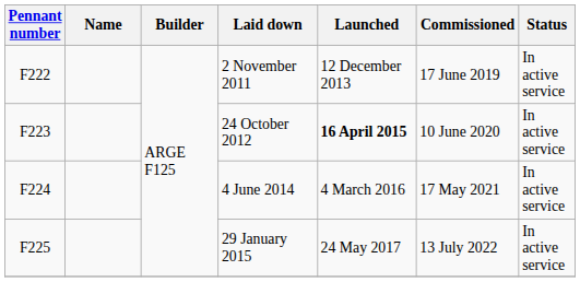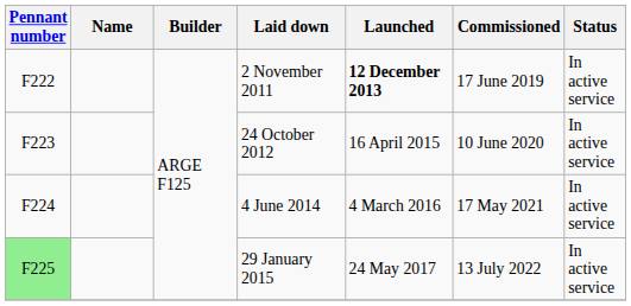 <table class="wikitable toptextcells">
 <tr>
 <th width="8%"><a href='#'>Pennant number</a></th>
 <th width="14%">Name</th>
 <th width="14%">Builder</th>
 <th width="18%">Laid down</th>
 <th width="18%">Launched</th>
 <th width="18%">Commissioned</th>
 <th width="11%">Status</th>
 </tr>
 <tr>
 <td align="center">F222</td>
 <td></td>
 <td rowspan="4">ARGE F125</td>
 <td>2 November 2011</td>
-<td>12 December 2013</td>
+<td><strong>12 December 2013</strong></td>
 <td>17 June 2019</td>
 <td>In active service</td>
 </tr>
 <tr>
 <td align="center">F223</td>
 <td></td>
 <td>24 October 2012</td>
-<td><strong>16 April 2015</strong></td>
+<td>16 April 2015</td>
 <td>10 June 2020</td>
 <td>In active service</td>
 </tr>
 <tr>
 <td align="center">F224</td>
 <td></td>
 <td>4 June 2014</td>
 <td>4 March 2016</td>
 <td>17 May 2021</td>
 <td>In active service</td>
 </tr>
 <tr>
-<td align="center">F225</td>
+<td align="center" style="background: lightgreen;">F225</td>
 <td></td>
 <td>29 January 2015</td>
 <td>24 May 2017</td>
 <td>13 July 2022</td>
 <td>In active service</td>
 </tr>
 <tr>
 </tr>
 </table>
